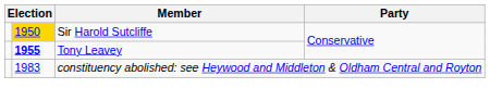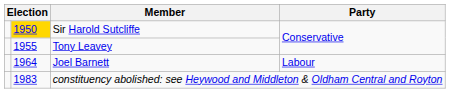 <table class="wikitable">
 <tr>
 <th colspan="2">Election</th>
 <th>Member</th>
 <th>Party</th>
 </tr>
 <tr>
 <td style="color:inherit;background-color: "></td>
 <td style="background: gold;"><a href='#'>1950</a></td>
 <td>Sir <a href='#'>Harold Sutcliffe</a></td>
 <td rowspan="2"><a href='#'>Conservative</a></td>
 </tr>
 <tr>
 <td style="color:inherit;background-color: "></td>
-<td><strong><a href='#'>1955</a></strong></td>
+<td><a href='#'>1955</a></td>
 <td><a href='#'>Tony Leavey</a></td>
+</tr>
+<tr>
+<td style="color:inherit;background-color: "></td>
+<td><a href='#'>1964</a></td>
+<td><a href='#'>Joel Barnett</a></td>
+<td><a href='#'>Labour</a></td>
 </tr>
 <tr>
 <td></td>
 <td><a href='#'>1983</a></td>
 <td colspan="2"><em>constituency abolished: see <a href='#'>Heywood and Middleton</a> & <a href='#'>Oldham Central and Royton</a></em></td>
 </tr>
 </table>
